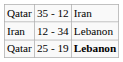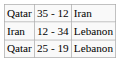 <table class="wikitable">
 <tr>
 <td>Qatar</td>
 <td>35 - 12</td>
 <td>Iran</td>
 </tr>
 <tr>
 <td>Iran</td>
 <td>12 - 34</td>
 <td>Lebanon</td>
 </tr>
 <tr>
 <td>Qatar</td>
 <td>25 - 19</td>
-<td><strong>Lebanon</strong></td>
+<td>Lebanon</td>
 </tr>
 </table>
